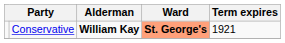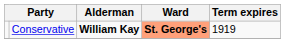 <table class="wikitable">
 <tr>
 <th colspan="2">Party</th>
 <th>Alderman</th>
 <th>Ward</th>
 <th>Term expires</th>
 </tr>
 <tr>
 <td style="background-color:"></td>
 <td><a href='#'>Conservative</a></td>
 <td><strong>William Kay</strong></td>
 <td style="background: lightsalmon;"><strong>St. George's</strong></td>
-<td>1921</td>
+<td>1919</td>
 </tr>
 <tr>
 </tr>
 </table>
